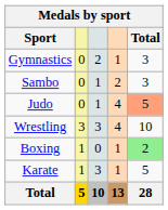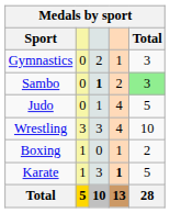 <table class="wikitable" style="text-align:center;font-size:85%;float:right;clear:right;">
 <tr style="background:#efefef;">
 <th colspan=5>Medals by sport</th>
 </tr>
 <tr>
 <th>Sport</th>
 <td bgcolor=#f7f6a8></td>
 <td bgcolor=#dce5e5></td>
 <td bgcolor=#ffdab9></td>
 <th>Total</th>
 </tr>
 <tr align=center>
 <td><a href='#'>Gymnastics</a></td>
 <td style="background:#f7f6a8;">0</td>
 <td style="background:#dce5e5;">2</td>
 <td style="background:#ffdab9;">1</td>
 <td>3</td>
 </tr>
 <tr align=center>
 <td><a href='#'>Sambo</a></td>
 <td style="background:#f7f6a8;">0</td>
-<td style="background:#dce5e5;">1</td>
+<td style="background:#dce5e5;"><strong>1</strong></td>
 <td style="background:#ffdab9;">2</td>
-<td>3</td>
+<td style="background: lightgreen;">3</td>
 </tr>
 <tr>
 <td><a href='#'>Judo</a></td>
 <td style="background:#f7f6a8;">0</td>
 <td style="background:#dce5e5;">1</td>
 <td style="background:#ffdab9;">4</td>
-<td style="background: lightsalmon;">5</td>
+<td>5</td>
 </tr>
 <tr>
 <td><a href='#'>Wrestling</a></td>
 <td style="background:#f7f6a8;">3</td>
 <td style="background:#dce5e5;">3</td>
 <td style="background:#ffdab9;">4</td>
 <td>10</td>
 </tr>
 <tr>
 <td><a href='#'>Boxing</a></td>
 <td style="background:#f7f6a8;">1</td>
 <td style="background:#dce5e5;">0</td>
 <td style="background:#ffdab9;">1</td>
-<td style="background: lightgreen;">2</td>
+<td>2</td>
 </tr>
 <tr>
 <td><a href='#'>Karate</a></td>
 <td style="background:#f7f6a8;">1</td>
 <td style="background:#dce5e5;">3</td>
-<td style="background:#ffdab9;">1</td>
+<td style="background:#ffdab9;"><strong>1</strong></td>
 <td>5</td>
 </tr>
 <tr>
 <th>Total</th>
 <th style="background:gold;">5</th>
 <th style="background:silver;">10</th>
 <th style="background:#c96;">13</th>
 <th>28</th>
 </tr>
 </table>
